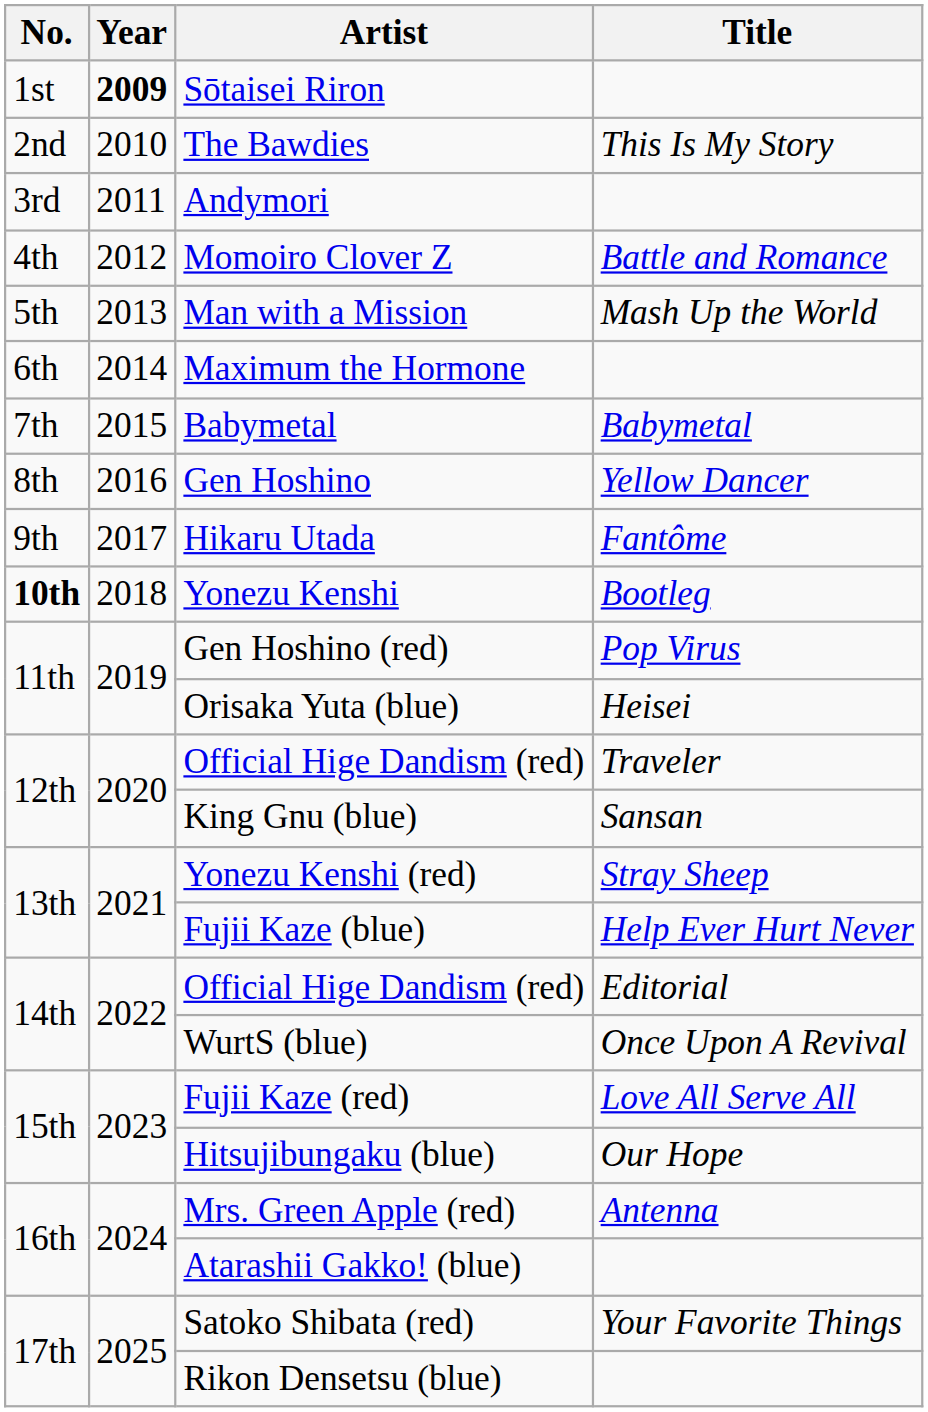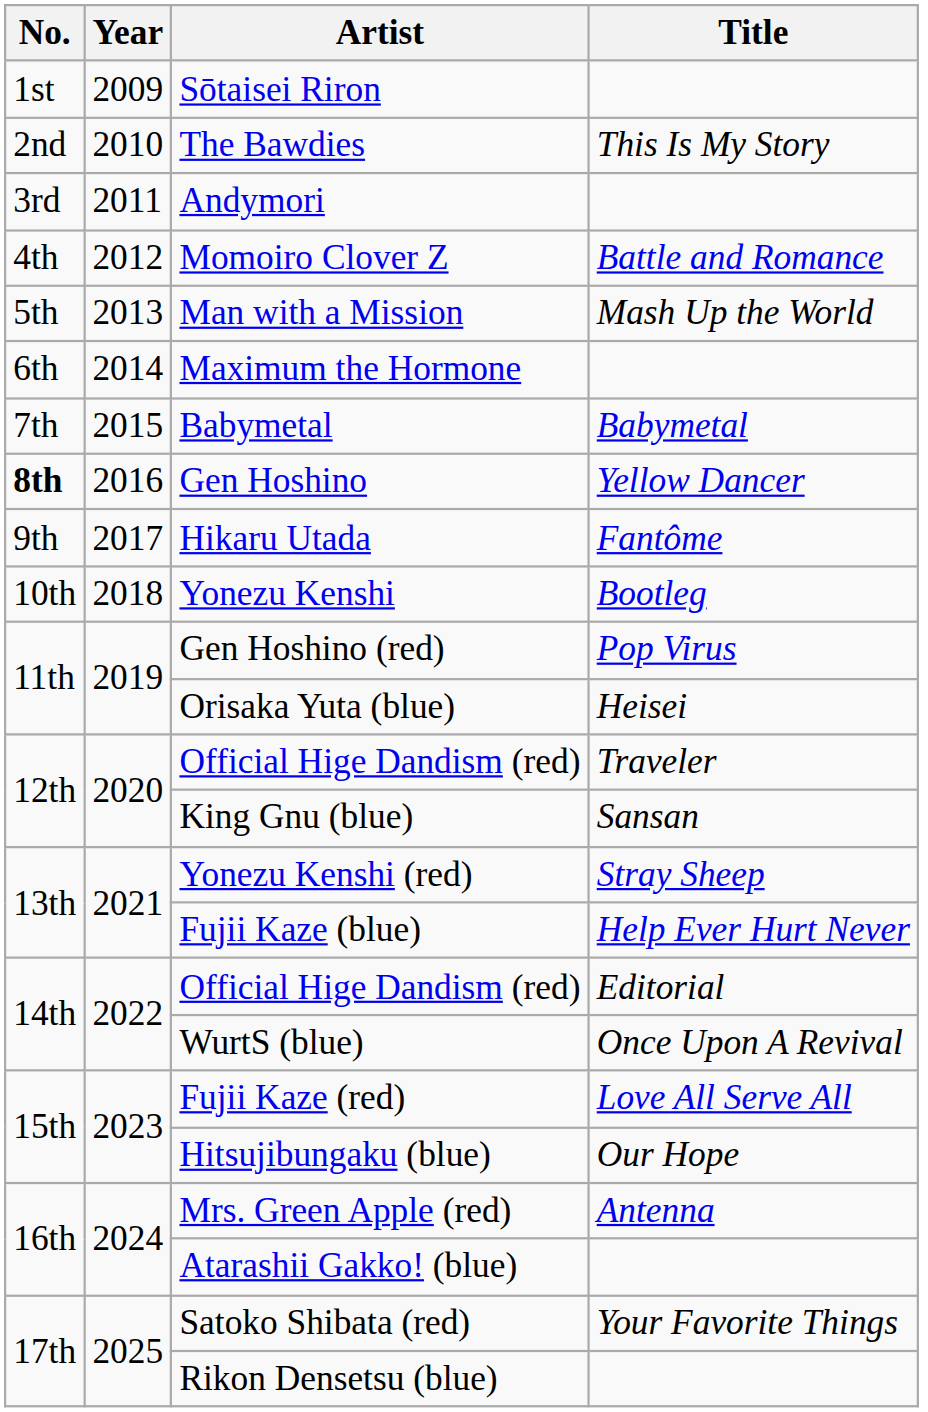 <table class=wikitable>
 <tr>
 <th>No.</th>
 <th>Year</th>
 <th>Artist</th>
 <th>Title</th>
 </tr>
 <tr>
 <td>1st</td>
-<td><strong>2009</strong></td>
+<td>2009</td>
 <td><a href='#'>Sōtaisei Riron</a></td>
 <td></td>
 </tr>
 <tr>
 <td>2nd</td>
 <td>2010</td>
 <td><a href='#'>The Bawdies</a></td>
 <td><em>This Is My Story</em></td>
 </tr>
 <tr>
 <td>3rd</td>
 <td>2011</td>
 <td><a href='#'>Andymori</a></td>
 <td></td>
 </tr>
 <tr>
 <td>4th</td>
 <td>2012</td>
 <td><a href='#'>Momoiro Clover Z</a></td>
 <td><em><a href='#'>Battle and Romance</a></em></td>
 </tr>
 <tr>
 <td>5th</td>
 <td>2013</td>
 <td><a href='#'>Man with a Mission</a></td>
 <td><em>Mash Up the World</em></td>
 </tr>
 <tr>
 <td>6th</td>
 <td>2014</td>
 <td><a href='#'>Maximum the Hormone</a></td>
 <td></td>
 </tr>
 <tr>
 <td>7th</td>
 <td>2015</td>
 <td><a href='#'>Babymetal</a></td>
 <td><em><a href='#'>Babymetal</a></em></td>
 </tr>
 <tr>
-<td>8th</td>
+<td><strong>8th</strong></td>
 <td>2016</td>
 <td><a href='#'>Gen Hoshino</a></td>
 <td><em><a href='#'>Yellow Dancer</a></em></td>
 </tr>
 <tr>
 <td>9th</td>
 <td>2017</td>
 <td><a href='#'>Hikaru Utada</a></td>
 <td><em><a href='#'>Fantôme</a></em></td>
 </tr>
 <tr>
-<td><strong>10th</strong></td>
+<td>10th</td>
 <td>2018</td>
 <td><a href='#'>Yonezu Kenshi</a></td>
 <td><a href='#'><em>Bootleg</em></a></td>
 </tr>
 <tr>
 <td rowspan="2">11th</td>
 <td rowspan="2">2019</td>
 <td>Gen Hoshino (red)</td>
 <td><em><a href='#'>Pop Virus</a></em></td>
 </tr>
 <tr>
 <td>Orisaka Yuta (blue)</td>
 <td><em>Heisei</em></td>
 </tr>
 <tr>
 <td rowspan="2">12th</td>
 <td rowspan="2">2020</td>
 <td><a href='#'>Official Hige Dandism</a> (red)</td>
 <td><em>Traveler</em></td>
 </tr>
 <tr>
 <td>King Gnu (blue)</td>
 <td><em>Sansan</em></td>
 </tr>
 <tr>
 <td rowspan="2">13th</td>
 <td rowspan="2">2021</td>
 <td><a href='#'>Yonezu Kenshi</a> (red)</td>
 <td><em><a href='#'>Stray Sheep</a></em></td>
 </tr>
 <tr>
 <td><a href='#'>Fujii Kaze</a> (blue)</td>
 <td><em><a href='#'>Help Ever Hurt Never</a></em></td>
 </tr>
 <tr>
 <td rowspan="2">14th</td>
 <td rowspan="2">2022</td>
 <td><a href='#'>Official Hige Dandism</a> (red)</td>
 <td><em>Editorial</em></td>
 </tr>
 <tr>
 <td>WurtS (blue)</td>
 <td><em>Once Upon A Revival</em></td>
 </tr>
 <tr>
 <td rowspan="2">15th</td>
 <td rowspan="2">2023</td>
 <td><a href='#'>Fujii Kaze</a> (red)</td>
 <td><em><a href='#'>Love All Serve All</a></em></td>
 </tr>
 <tr>
 <td><a href='#'>Hitsujibungaku</a> (blue)</td>
 <td><em>Our Hope</em></td>
 </tr>
 <tr>
 <td rowspan="2">16th</td>
 <td rowspan="2">2024</td>
 <td><a href='#'>Mrs. Green Apple</a> (red)</td>
 <td><em><a href='#'>Antenna</a></em></td>
 </tr>
 <tr>
 <td><a href='#'>Atarashii Gakko!</a> (blue)</td>
 <td></td>
 </tr>
 <tr>
 <td rowspan="2">17th</td>
 <td rowspan="2">2025</td>
 <td>Satoko Shibata (red)</td>
 <td><em>Your Favorite Things</em></td>
 </tr>
 <tr>
 <td>Rikon Densetsu (blue)</td>
 <td></td>
 </tr>
 </table>
